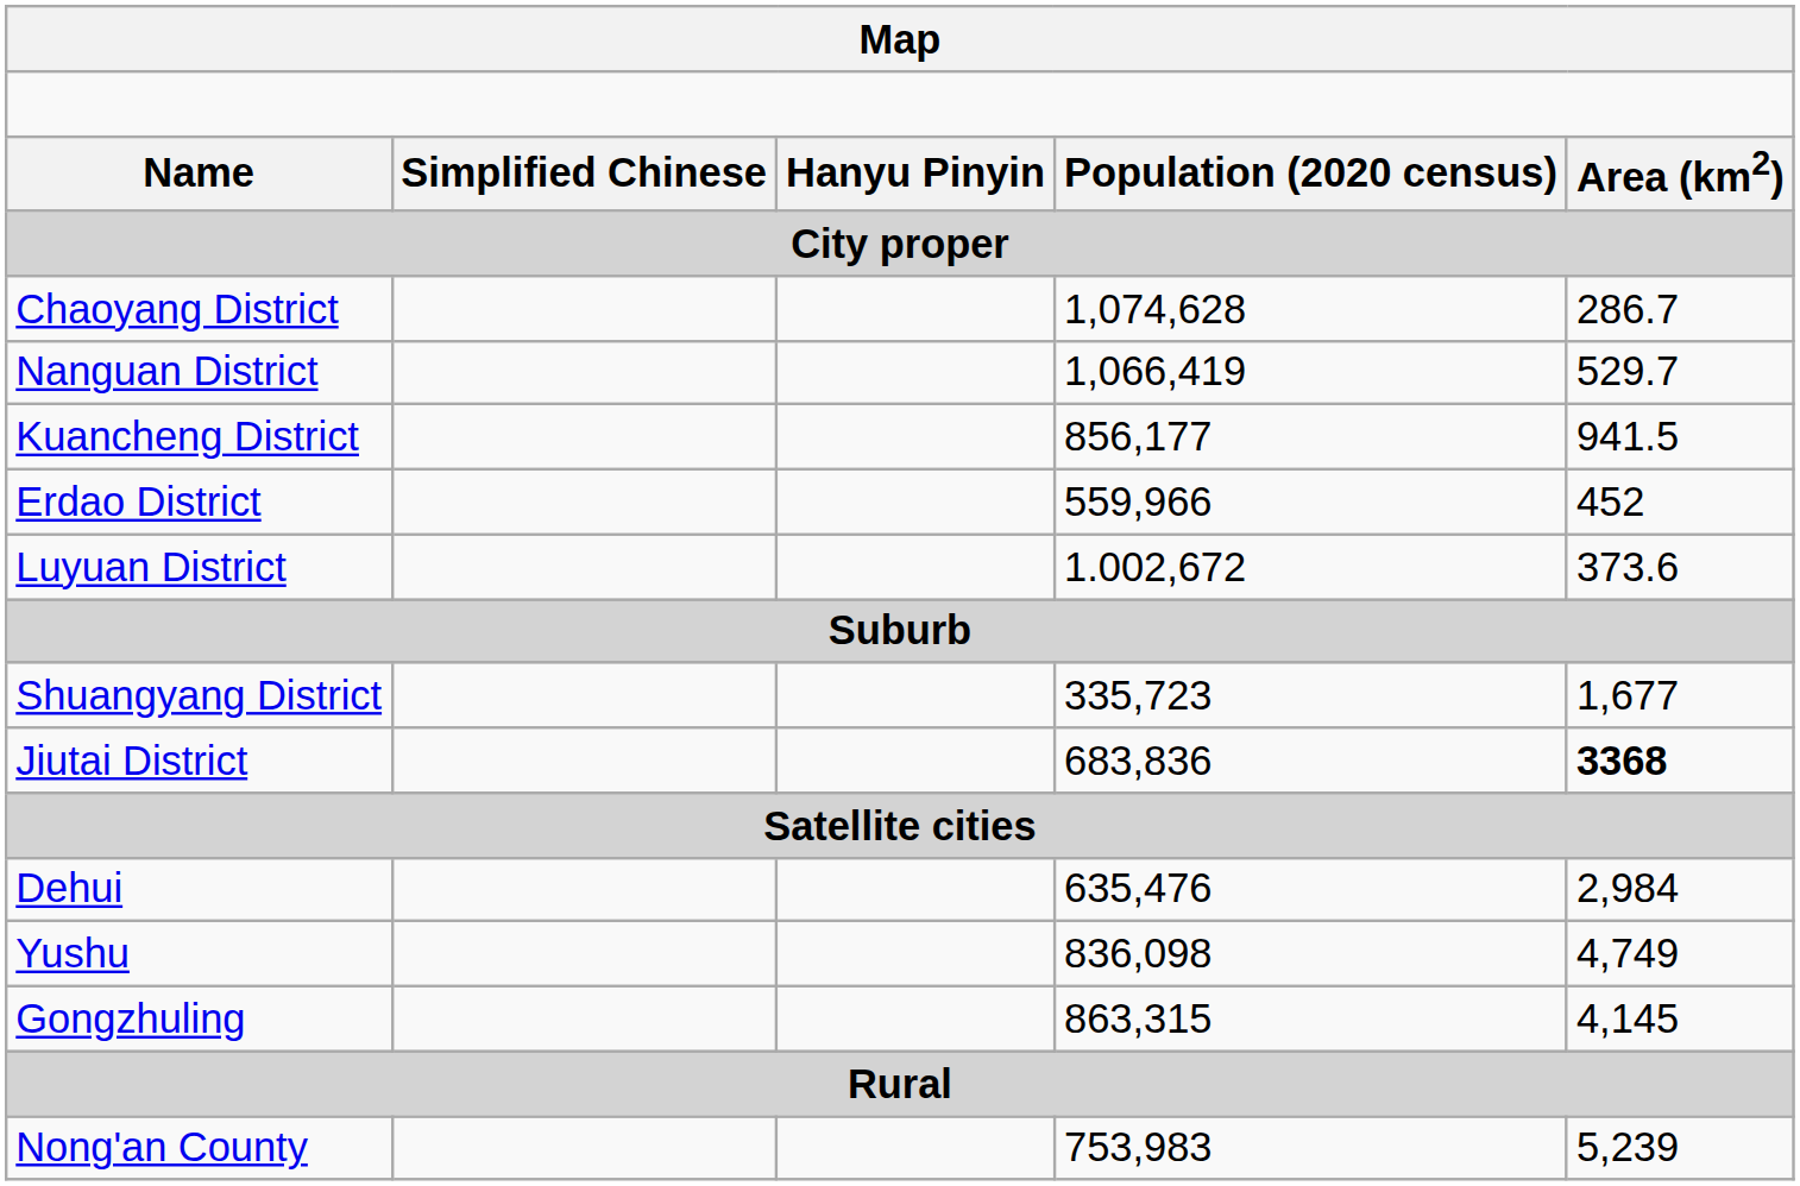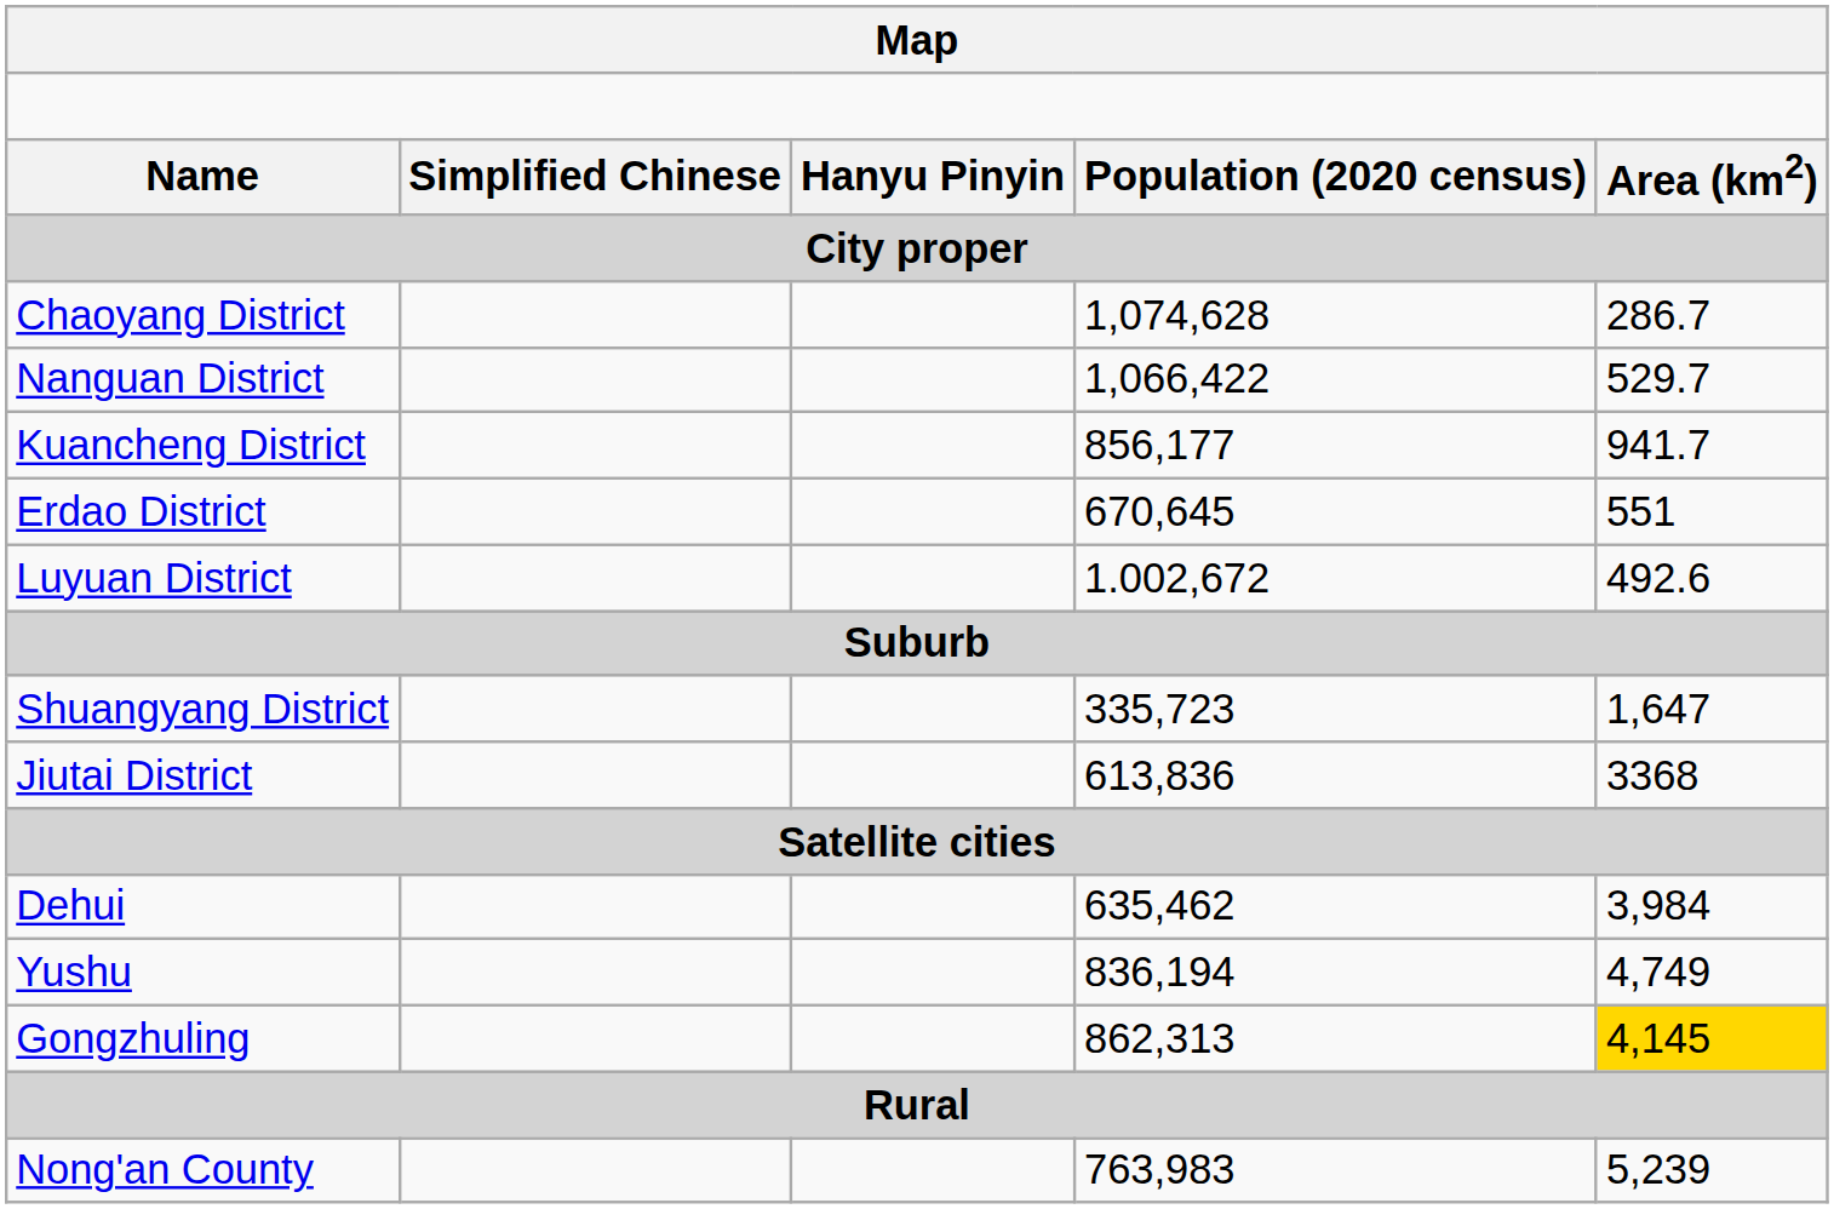 <table class="wikitable" style="font-size:90%;" align=center>
 <tr>
 <th colspan="5">Map</th>
 </tr>
 <tr>
 <td colspan="5"><div><br>             </div></td>
 </tr>
 <tr>
 <th>Name</th>
 <th>Simplified Chinese</th>
 <th>Hanyu Pinyin</th>
 <th>Population (2020 census)</th>
 <th>Area (km<sup>2</sup>)</th>
 </tr>
 <tr>
 <td align="center" bgcolor="#d3d3d3" colspan="10"><strong>City proper</strong></td>
 </tr>
 <tr>
 <td><a href='#'>Chaoyang District</a></td>
 <td></td>
 <td></td>
 <td>1,074,628</td>
 <td>286.7</td>
 </tr>
 <tr>
 <td><a href='#'>Nanguan District</a></td>
 <td></td>
 <td></td>
-<td>1,066,419</td>
+<td>1,066,422</td>
 <td>529.7</td>
 </tr>
 <tr>
 <td><a href='#'>Kuancheng District</a></td>
 <td></td>
 <td></td>
 <td>856,177</td>
-<td>941.5</td>
+<td>941.7</td>
 </tr>
 <tr>
 <td><a href='#'>Erdao District</a></td>
 <td></td>
 <td></td>
-<td>559,966</td>
-<td>452</td>
+<td>670,645</td>
+<td>551</td>
 </tr>
 <tr>
 <td><a href='#'>Luyuan District</a></td>
 <td></td>
 <td></td>
 <td>1.002,672</td>
-<td>373.6</td>
+<td>492.6</td>
 </tr>
 <tr>
 <td align="center" bgcolor="#d3d3d3" colspan="7"><strong>Suburb</strong></td>
 </tr>
 <tr>
 <td><a href='#'>Shuangyang District</a></td>
 <td></td>
 <td></td>
 <td>335,723</td>
-<td>1,677</td>
+<td>1,647</td>
 </tr>
 <tr>
 <td><a href='#'>Jiutai District</a></td>
 <td></td>
 <td></td>
-<td>683,836</td>
-<td><strong>3368</strong></td>
+<td>613,836</td>
+<td>3368</td>
 </tr>
 <tr>
 <td align="center" bgcolor="#d3d3d3" colspan="7"><strong>Satellite cities</strong></td>
 </tr>
 <tr>
 <td><a href='#'>Dehui</a></td>
 <td></td>
 <td></td>
-<td>635,476</td>
-<td>2,984</td>
+<td>635,462</td>
+<td>3,984</td>
 </tr>
 <tr>
 <td><a href='#'>Yushu</a></td>
 <td></td>
 <td></td>
-<td>836,098</td>
+<td>836,194</td>
 <td>4,749</td>
 </tr>
 <tr>
 <td><a href='#'>Gongzhuling</a></td>
 <td></td>
 <td></td>
-<td>863,315</td>
-<td>4,145</td>
+<td>862,313</td>
+<td style="background: gold;">4,145</td>
 </tr>
 <tr>
 <td align="center" bgcolor="#d3d3d3" colspan="7"><strong>Rural</strong></td>
 </tr>
 <tr>
 <td><a href='#'>Nong'an County</a></td>
 <td></td>
 <td></td>
-<td>753,983</td>
+<td>763,983</td>
 <td>5,239</td>
 </tr>
 </table>
